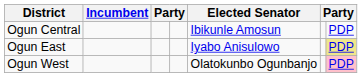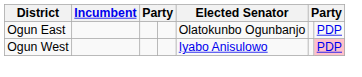 <table class="sortable wikitable" style="font-size:95%;line-height:14px;">
 <tr>
 <th class="unsortable">District</th>
 <th class="unsortable"><a href='#'>Incumbent</a></th>
 <th colspan="2">Party</th>
 <th class="unsortable">Elected Senator</th>
 <th colspan="2">Party</th>
 </tr>
 <tr>
-<td>Ogun Central</td>
-<td></td>
-<td></td>
-<td></td>
-<td><a href='#'>Ibikunle Amosun</a></td>
-<td style="background:"></td>
-<td><a href='#'>PDP</a></td>
-</tr>
-<tr>
 <td>Ogun East</td>
 <td></td>
 <td></td>
 <td></td>
-<td><a href='#'>Iyabo Anisulowo</a></td>
+<td>Olatokunbo Ogunbanjo</td>
 <td style="background:"></td>
-<td style="background: khaki;"><a href='#'>PDP</a></td>
+<td><a href='#'>PDP</a></td>
 </tr>
 <tr>
 <td>Ogun West</td>
 <td></td>
 <td></td>
 <td></td>
-<td>Olatokunbo Ogunbanjo</td>
+<td><a href='#'>Iyabo Anisulowo</a></td>
 <td style="background:"></td>
 <td style="background: pink;"><a href='#'>PDP</a></td>
 </tr>
 </table>
